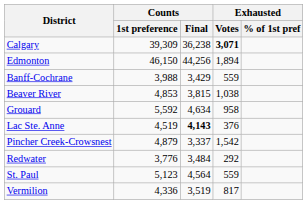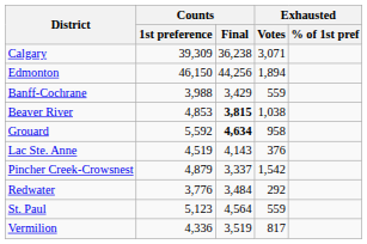 <table class="wikitable" style="text-align:right;">
 <tr>
 <th rowspan="2">District</th>
 <th colspan="2">Counts</th>
 <th colspan="3">Exhausted</th>
 </tr>
 <tr>
 <th>1st preference</th>
 <th>Final</th>
 <th>Votes</th>
 <th colspan="2">% of 1st pref</th>
 </tr>
 <tr>
 <td style="text-align:left;"><a href='#'>Calgary</a></td>
 <td>39,309</td>
 <td>36,238</td>
-<td><strong>3,071</strong></td>
+<td>3,071</td>
 <td></td>
 </tr>
 <tr>
 <td style="text-align:left;"><a href='#'>Edmonton</a></td>
 <td>46,150</td>
 <td>44,256</td>
 <td>1,894</td>
 <td></td>
 </tr>
 <tr>
 <td style="text-align:left;"><a href='#'>Banff-Cochrane</a></td>
 <td>3,988</td>
 <td>3,429</td>
 <td>559</td>
 <td></td>
 </tr>
 <tr>
 <td style="text-align:left;"><a href='#'>Beaver River</a></td>
 <td>4,853</td>
-<td>3,815</td>
+<td><strong>3,815</strong></td>
 <td>1,038</td>
 <td></td>
 </tr>
 <tr>
 <td style="text-align:left;"><a href='#'>Grouard</a></td>
 <td>5,592</td>
-<td>4,634</td>
+<td><strong>4,634</strong></td>
 <td>958</td>
 <td></td>
 </tr>
 <tr>
 <td style="text-align:left;"><a href='#'>Lac Ste. Anne</a></td>
 <td>4,519</td>
-<td><strong>4,143</strong></td>
+<td>4,143</td>
 <td>376</td>
 <td></td>
 </tr>
 <tr>
 <td style="text-align:left;"><a href='#'>Pincher Creek-Crowsnest</a></td>
 <td>4,879</td>
 <td>3,337</td>
 <td>1,542</td>
 <td></td>
 </tr>
 <tr>
 <td style="text-align:left;"><a href='#'>Redwater</a></td>
 <td>3,776</td>
 <td>3,484</td>
 <td>292</td>
 <td></td>
 </tr>
 <tr>
 <td style="text-align:left;"><a href='#'>St. Paul</a></td>
 <td>5,123</td>
 <td>4,564</td>
 <td>559</td>
 <td></td>
 </tr>
 <tr>
 <td style="text-align:left;"><a href='#'>Vermilion</a></td>
 <td>4,336</td>
 <td>3,519</td>
 <td>817</td>
 <td></td>
 </tr>
 </table>
